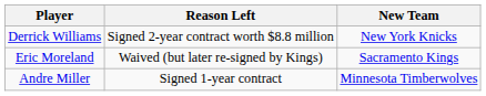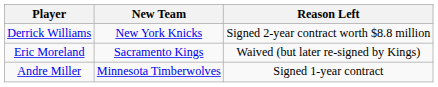 <table class="wikitable sortable sortable">
 <tr>
 <th>Player</th>
+<th>New Team</th>
 <th>Reason Left</th>
-<th>New Team</th>
 </tr>
 <tr style="text-align: center">
 <td><a href='#'>Derrick Williams</a></td>
+<td><a href='#'>New York Knicks</a></td>
 <td>Signed 2-year contract worth $8.8 million</td>
-<td><a href='#'>New York Knicks</a></td>
 </tr>
 <tr style="text-align: center">
 <td><a href='#'>Eric Moreland</a></td>
+<td><a href='#'>Sacramento Kings</a></td>
 <td>Waived (but later re-signed by Kings)</td>
-<td><a href='#'>Sacramento Kings</a></td>
 </tr>
 <tr style="text-align: center">
 <td><a href='#'>Andre Miller</a></td>
+<td><a href='#'>Minnesota Timberwolves</a></td>
 <td>Signed 1-year contract</td>
-<td><a href='#'>Minnesota Timberwolves</a></td>
 </tr>
 </table>
